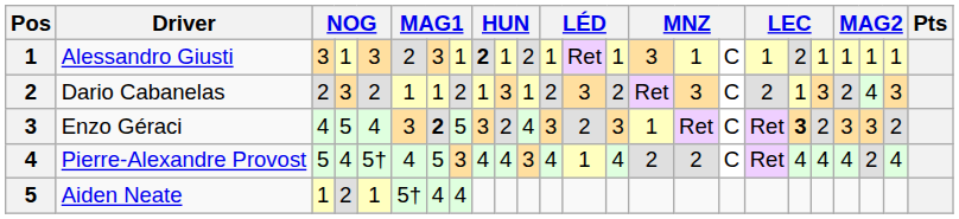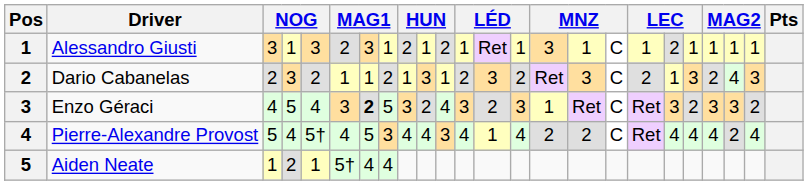 <table class="wikitable" style="font-size:85%; text-align:center">
 <tr style="background:#f9f9f9">
 <th>Pos</th>
 <th>Driver</th>
 <th colspan=3><a href='#'>NOG</a><br></th>
 <th colspan=3><a href='#'>MAG1</a><br></th>
 <th colspan=3><a href='#'>HUN</a><br></th>
 <th colspan=3><a href='#'>LÉD</a><br></th>
 <th colspan=3><a href='#'>MNZ</a><br></th>
 <th colspan=3><a href='#'>LEC</a><br></th>
 <th colspan=3><a href='#'>MAG2</a><br></th>
 <th>Pts</th>
 </tr>
 <tr>
 <th>1</th>
 <td style="text-align:left"> <a href='#'>Alessandro Giusti</a></td>
 <td style="background:#ffdf9f">3</td>
 <td style="background:#ffffbf">1</td>
 <td style="background:#ffdf9f">3</td>
 <td style="background:#dfdfdf">2</td>
 <td style="background:#ffdf9f">3</td>
 <td style="background:#ffffbf">1</td>
-<td style="background:#dfdfdf"><strong>2</strong></td>
+<td style="background:#dfdfdf">2</td>
 <td style="background:#ffffbf">1</td>
 <td style="background:#dfdfdf">2</td>
 <td style="background:#ffffbf">1</td>
 <td style="background:#efcfff">Ret</td>
 <td style="background:#ffffbf">1</td>
 <td style="background:#ffdf9f">3</td>
 <td style="background:#ffffbf">1</td>
 <td style="background:#ffffff">C</td>
 <td style="background:#ffffbf">1</td>
 <td style="background:#dfdfdf">2</td>
 <td style="background:#ffffbf">1</td>
 <td style="background:#ffffbf">1</td>
 <td style="background:#ffffbf">1</td>
 <td style="background:#ffffbf">1</td>
 <th></th>
 </tr>
 <tr>
 <th>2</th>
 <td style="text-align:left"> Dario Cabanelas</td>
 <td style="background:#dfdfdf">2</td>
 <td style="background:#ffdf9f">3</td>
 <td style="background:#dfdfdf">2</td>
 <td style="background:#ffffbf">1</td>
 <td style="background:#ffffbf">1</td>
 <td style="background:#dfdfdf">2</td>
 <td style="background:#ffffbf">1</td>
 <td style="background:#ffdf9f">3</td>
 <td style="background:#ffffbf">1</td>
 <td style="background:#dfdfdf">2</td>
 <td style="background:#ffdf9f">3</td>
 <td style="background:#dfdfdf">2</td>
 <td style="background:#efcfff">Ret</td>
 <td style="background:#ffdf9f">3</td>
 <td style="background:#ffffff">C</td>
 <td style="background:#dfdfdf">2</td>
 <td style="background:#ffffbf">1</td>
 <td style="background:#ffdf9f">3</td>
 <td style="background:#dfdfdf">2</td>
 <td style="background:#dfffdf">4</td>
 <td style="background:#ffdf9f">3</td>
 <th></th>
 </tr>
 <tr>
 <th>3</th>
 <td style="text-align:left"> Enzo Géraci</td>
 <td style="background:#dfffdf">4</td>
 <td style="background:#dfffdf">5</td>
 <td style="background:#dfffdf">4</td>
 <td style="background:#ffdf9f">3</td>
 <td style="background:#dfdfdf"><strong>2</strong></td>
 <td style="background:#dfffdf">5</td>
 <td style="background:#ffdf9f">3</td>
 <td style="background:#dfdfdf">2</td>
 <td style="background:#dfffdf">4</td>
 <td style="background:#ffdf9f">3</td>
 <td style="background:#dfdfdf">2</td>
 <td style="background:#ffdf9f">3</td>
 <td style="background:#ffffbf">1</td>
 <td style="background:#efcfff">Ret</td>
 <td style="background:#ffffff">C</td>
 <td style="background:#efcfff">Ret</td>
-<td style="background:#ffdf9f"><strong>3</strong></td>
+<td style="background:#ffdf9f">3</td>
 <td style="background:#dfdfdf">2</td>
 <td style="background:#ffdf9f">3</td>
 <td style="background:#ffdf9f">3</td>
 <td style="background:#dfdfdf">2</td>
 <th></th>
 </tr>
 <tr>
 <th>4</th>
 <td style="text-align:left"> <a href='#'>Pierre-Alexandre Provost</a></td>
 <td style="background:#dfffdf">5</td>
 <td style="background:#dfffdf">4</td>
 <td style="background:#dfffdf">5†</td>
 <td style="background:#dfffdf">4</td>
 <td style="background:#dfffdf">5</td>
 <td style="background:#ffdf9f">3</td>
 <td style="background:#dfffdf">4</td>
 <td style="background:#dfffdf">4</td>
 <td style="background:#ffdf9f">3</td>
 <td style="background:#dfffdf">4</td>
 <td style="background:#ffffbf">1</td>
 <td style="background:#dfffdf">4</td>
 <td style="background:#dfdfdf">2</td>
 <td style="background:#dfdfdf">2</td>
 <td style="background:#ffffff">C</td>
 <td style="background:#efcfff">Ret</td>
 <td style="background:#dfffdf">4</td>
 <td style="background:#dfffdf">4</td>
 <td style="background:#dfffdf">4</td>
 <td style="background:#dfdfdf">2</td>
 <td style="background:#dfffdf">4</td>
 <th></th>
 </tr>
 <tr>
 <th>5</th>
 <td style="text-align:left"> <a href='#'>Aiden Neate</a></td>
 <td style="background:#ffffbf">1</td>
 <td style="background:#dfdfdf">2</td>
 <td style="background:#ffffbf">1</td>
 <td style="background:#dfffdf">5†</td>
 <td style="background:#dfffdf">4</td>
 <td style="background:#dfffdf">4</td>
 <td></td>
 <td></td>
 <td></td>
 <td></td>
 <td></td>
 <td></td>
 <td></td>
 <td></td>
 <td></td>
 <td></td>
 <td></td>
 <td></td>
 <td></td>
 <td></td>
 <td></td>
 <th></th>
 </tr>
 </table>
